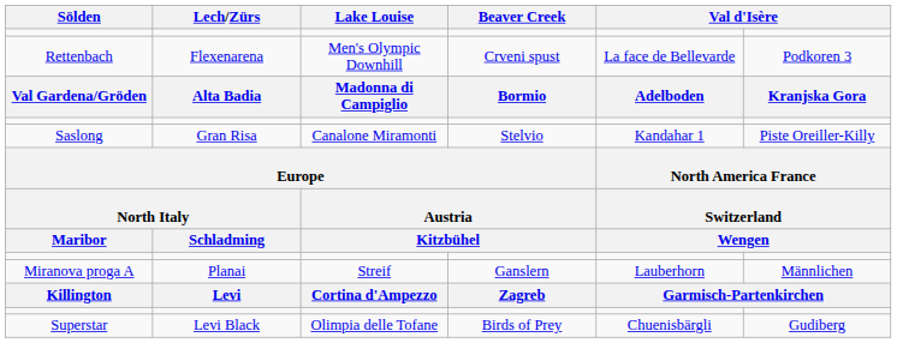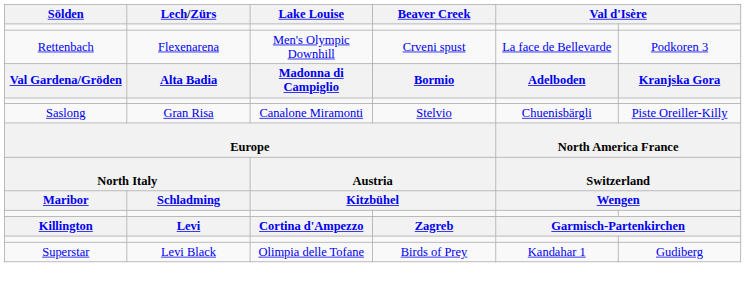 <table class="wikitable" style="text-align:center">
 <tr>
 <th width=150> <a href='#'>Sölden</a></th>
 <th width=150> <a href='#'>Lech</a>/<a href='#'>Zürs</a></th>
 <th width=150> <a href='#'>Lake Louise</a></th>
 <th width=150> <a href='#'>Beaver Creek</a></th>
 <th colspan=2 width=300> <a href='#'>Val d'Isère</a></th>
 </tr>
 <tr>
 <td></td>
 <td></td>
 <td></td>
 <td></td>
 <td></td>
 <td></td>
 </tr>
 <tr>
 <td><a href='#'>Rettenbach</a></td>
 <td><a href='#'>Flexenarena</a></td>
 <td><a href='#'>Men's Olympic Downhill</a></td>
 <td><a href='#'>Crveni spust</a></td>
 <td><a href='#'>La face de Bellevarde</a></td>
 <td><a href='#'>Podkoren 3</a></td>
 </tr>
 <tr>
 <th width=150> <a href='#'>Val Gardena/Gröden</a></th>
 <th width=150> <a href='#'>Alta Badia</a></th>
 <th width=150> <a href='#'>Madonna di Campiglio</a></th>
 <th width=150> <a href='#'>Bormio</a></th>
 <th width=150> <a href='#'>Adelboden</a></th>
 <th width=150> <a href='#'>Kranjska Gora</a></th>
 </tr>
 <tr>
 <td></td>
 <td></td>
 <td></td>
 <td></td>
 <td></td>
 <td></td>
 </tr>
 <tr>
 <td><a href='#'>Saslong</a></td>
 <td><a href='#'>Gran Risa</a></td>
 <td><a href='#'>Canalone Miramonti</a></td>
 <td><a href='#'>Stelvio</a></td>
-<td><a href='#'>Kandahar 1</a></td>
+<td><a href='#'>Chuenisbärgli</a></td>
 <td><a href='#'>Piste Oreiller-Killy</a></td>
 </tr>
 <tr>
 <th colspan="4"><br>Europe </th>
 <th colspan="2"><br>North America  France </th>
 </tr>
 <tr>
 <th colspan="2"><br>North Italy </th>
 <th colspan="2"><br>Austria </th>
 <th colspan="2"><br>Switzerland </th>
 </tr>
 <tr>
 <th width=150> <a href='#'>Maribor</a></th>
 <th width=150> <a href='#'>Schladming</a></th>
 <th width=300 colspan=2> <a href='#'>Kitzbühel</a></th>
 <th width=300 colspan=2> <a href='#'>Wengen</a></th>
 </tr>
 <tr>
 <td></td>
 <td></td>
 <td></td>
 <td></td>
 <td></td>
 <td></td>
 </tr>
 <tr>
-<td><a href='#'>Miranova proga A</a></td>
-<td><a href='#'>Planai</a></td>
-<td><a href='#'>Streif</a></td>
-<td><a href='#'>Ganslern</a></td>
-<td><a href='#'>Lauberhorn</a></td>
-<td><a href='#'>Männlichen</a></td>
-</tr>
-<tr>
 <th width=150> <a href='#'>Killington</a></th>
 <th width=150> <a href='#'>Levi</a></th>
 <th width=150> <a href='#'>Cortina d'Ampezzo</a></th>
 <th width=150> <a href='#'>Zagreb</a></th>
 <th width=300 colspan=2> <a href='#'>Garmisch-Partenkirchen</a></th>
 </tr>
 <tr>
 <td></td>
 <td></td>
 <td></td>
 <td></td>
 <td></td>
 <td></td>
 </tr>
 <tr>
 <td><a href='#'>Superstar</a></td>
 <td><a href='#'>Levi Black</a></td>
 <td><a href='#'>Olimpia delle Tofane</a></td>
 <td><a href='#'>Birds of Prey</a></td>
-<td><a href='#'>Chuenisbärgli</a></td>
+<td><a href='#'>Kandahar 1</a></td>
 <td><a href='#'>Gudiberg</a></td>
 </tr>
 </table>
